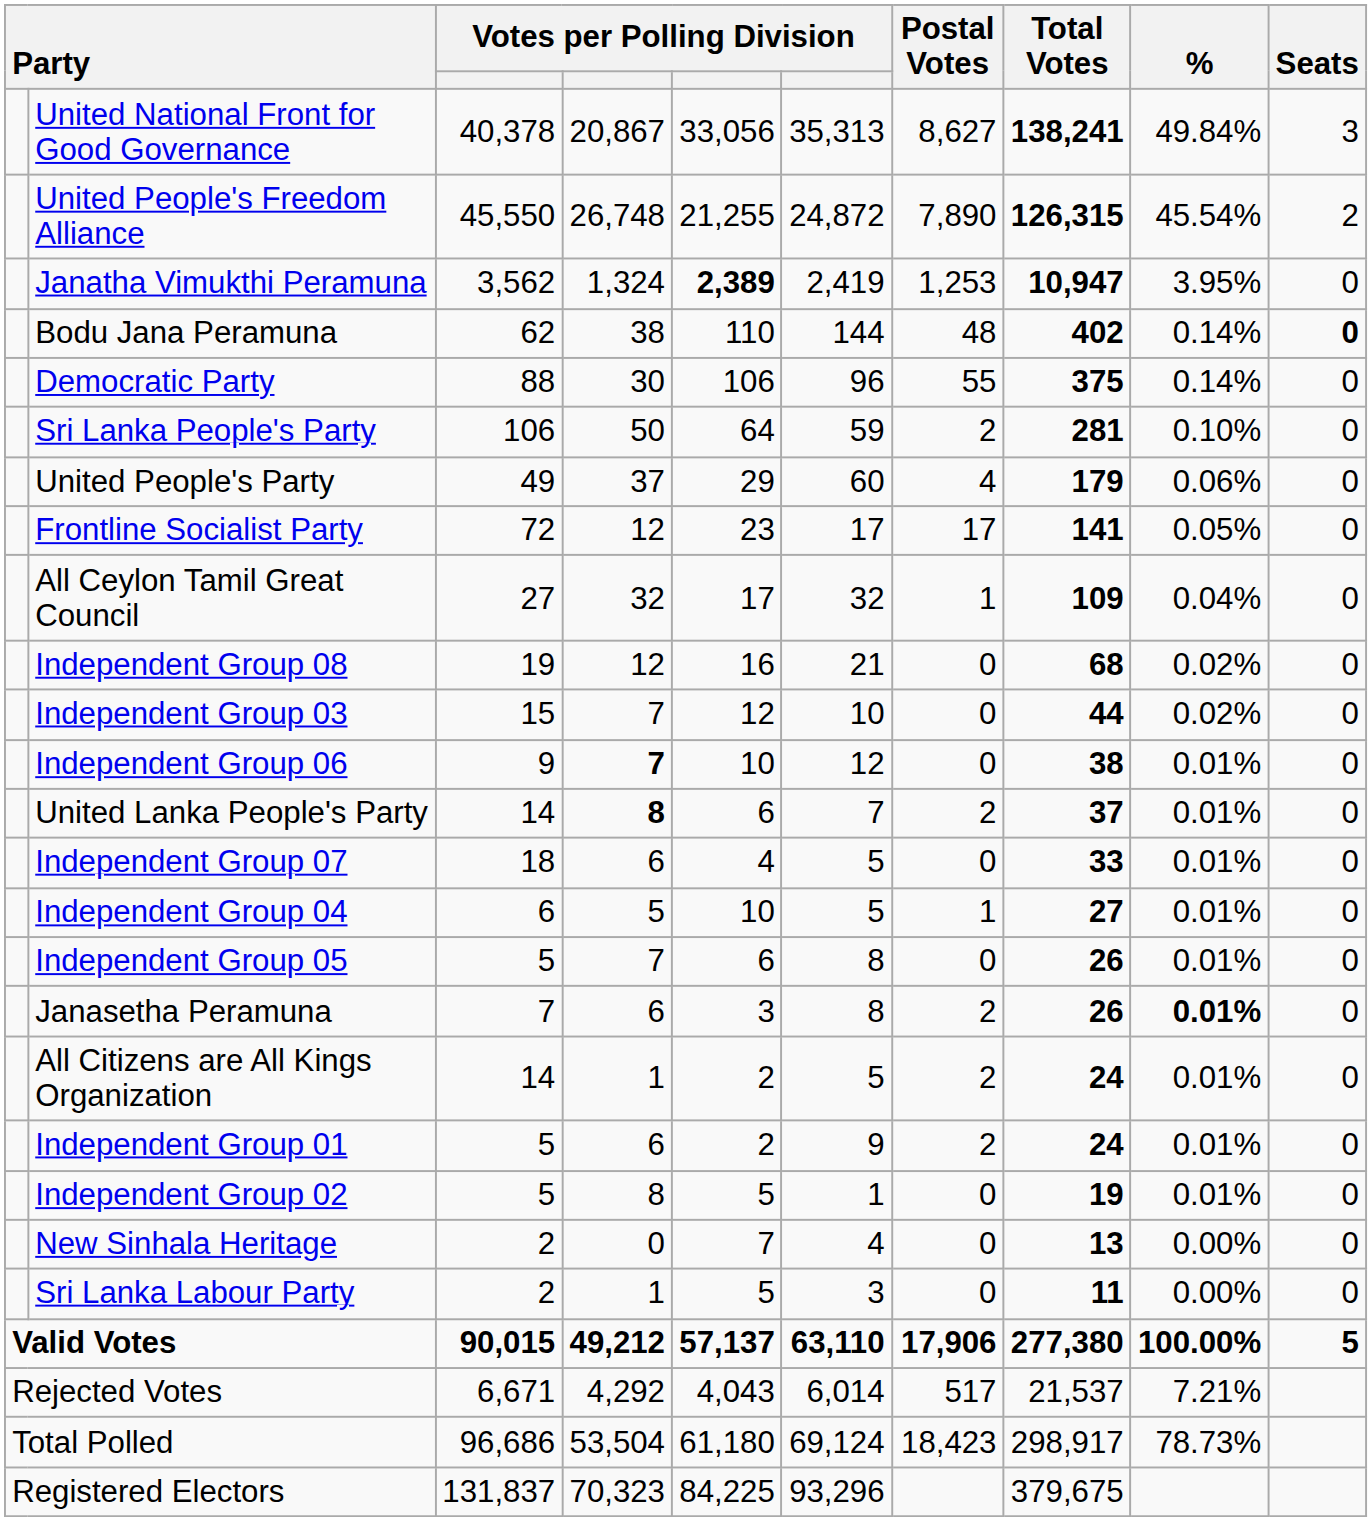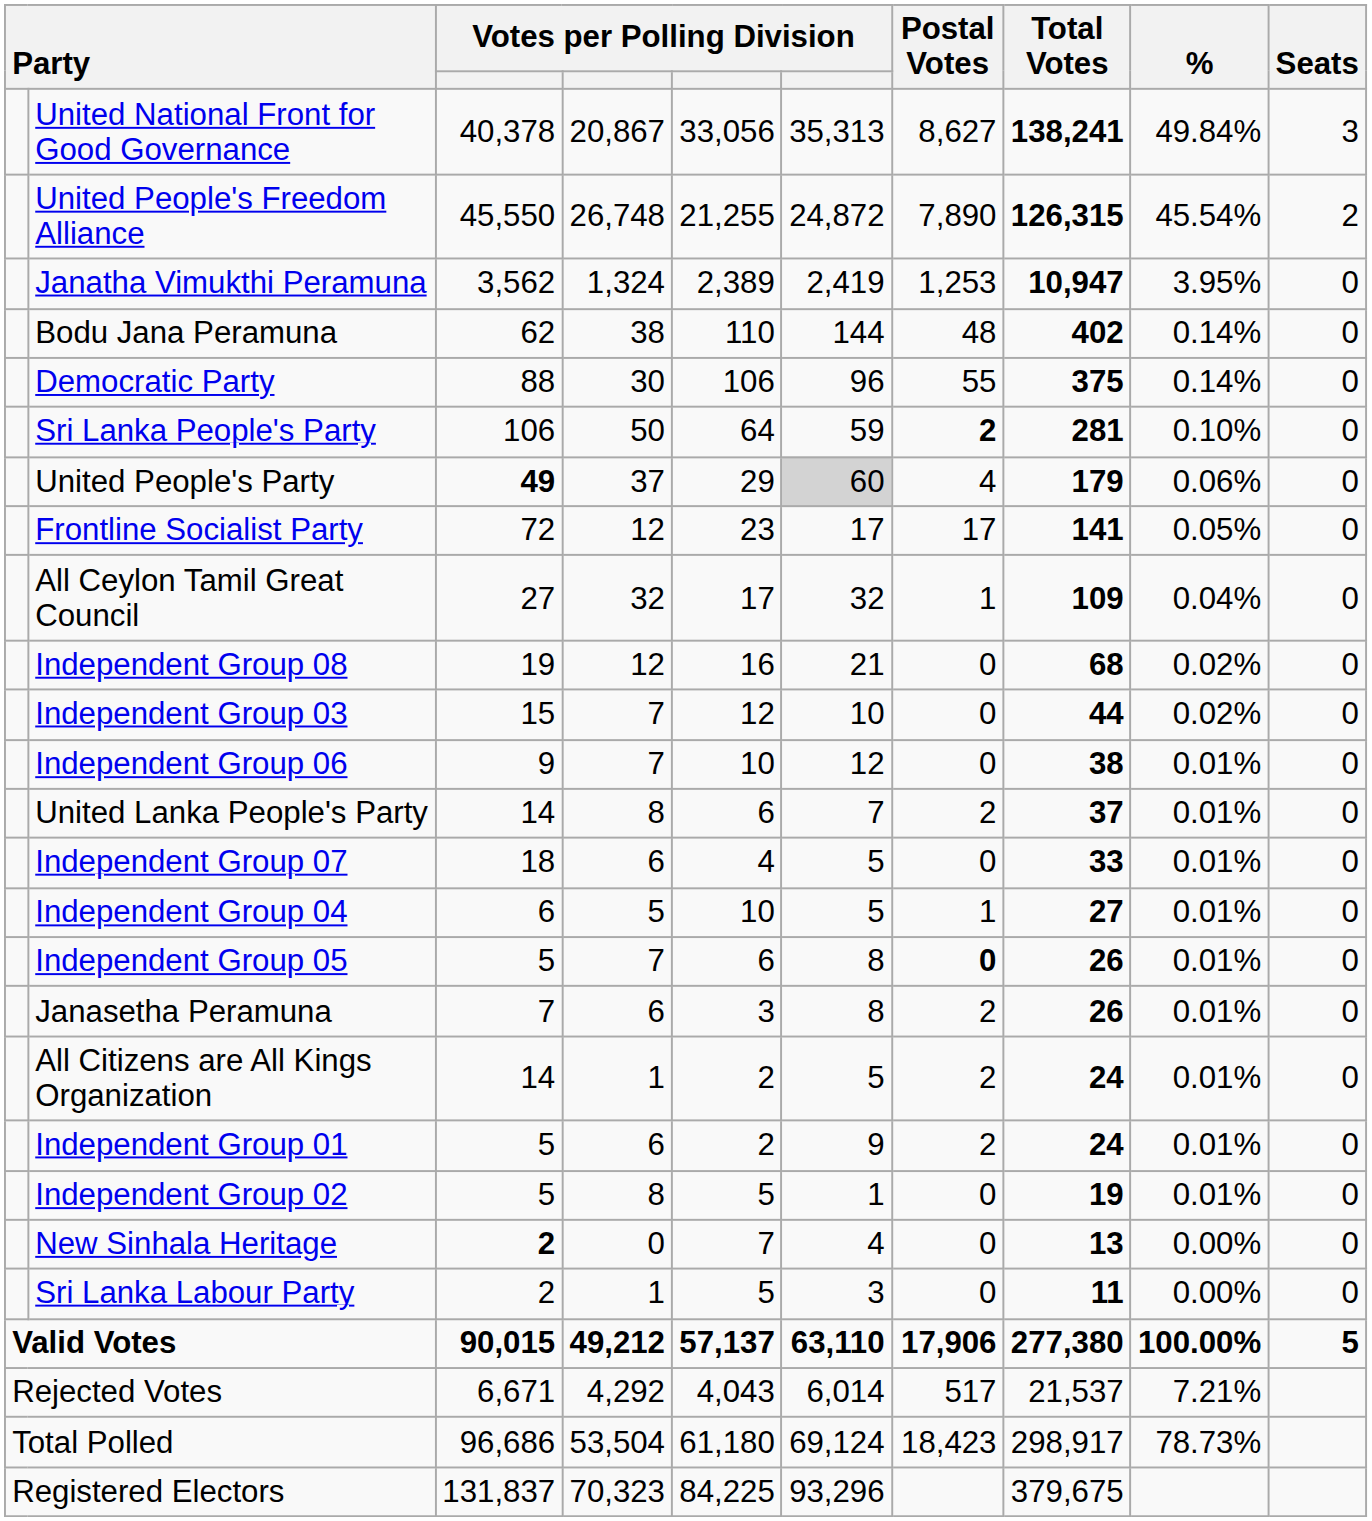 <table class="wikitable" border="1" style="text-align:right;">
 <tr>
 <th style="text-align:left; vertical-align:bottom;" rowspan="2" colspan="2">Party</th>
 <th colspan=4>Votes per Polling Division</th>
 <th rowspan="2" style="vertical-align:bottom; text-align:center; width:50px;">Postal<br>Votes</th>
 <th rowspan="2" style="vertical-align:bottom; text-align:center; width:50px;">Total Votes</th>
 <th rowspan="2" style="vertical-align:bottom; text-align:center; width:50px;">%</th>
 <th rowspan="2" style="vertical-align:bottom; text-align:center; width:40px;">Seats</th>
 </tr>
 <tr>
 <th></th>
 <th></th>
 <th></th>
 <th></th>
 </tr>
 <tr>
 <td bgcolor=> </td>
 <td align=left><a href='#'>United National Front for<br>Good Governance</a></td>
 <td>40,378</td>
 <td>20,867</td>
 <td>33,056</td>
 <td>35,313</td>
 <td>8,627</td>
 <td><strong>138,241</strong></td>
 <td>49.84%</td>
 <td>3</td>
 </tr>
 <tr>
 <td bgcolor=> </td>
 <td align=left><a href='#'>United People's Freedom<br>Alliance</a></td>
 <td>45,550</td>
 <td>26,748</td>
 <td>21,255</td>
 <td>24,872</td>
 <td>7,890</td>
 <td><strong>126,315</strong></td>
 <td>45.54%</td>
 <td>2</td>
 </tr>
 <tr>
 <td bgcolor=> </td>
 <td align=left><a href='#'>Janatha Vimukthi Peramuna</a></td>
 <td>3,562</td>
 <td>1,324</td>
-<td><strong>2,389</strong></td>
+<td>2,389</td>
 <td>2,419</td>
 <td>1,253</td>
 <td><strong>10,947</strong></td>
 <td>3.95%</td>
 <td>0</td>
 </tr>
 <tr>
 <td bgcolor=> </td>
 <td align=left>Bodu Jana Peramuna</td>
 <td>62</td>
 <td>38</td>
 <td>110</td>
 <td>144</td>
 <td>48</td>
 <td><strong>402</strong></td>
 <td>0.14%</td>
-<td><strong>0</strong></td>
+<td>0</td>
 </tr>
 <tr>
 <td bgcolor=> </td>
 <td align=left><a href='#'>Democratic Party</a></td>
 <td>88</td>
 <td>30</td>
 <td>106</td>
 <td>96</td>
 <td>55</td>
 <td><strong>375</strong></td>
 <td>0.14%</td>
 <td>0</td>
 </tr>
 <tr>
 <td bgcolor=> </td>
 <td align=left><a href='#'>Sri Lanka People's Party</a></td>
 <td>106</td>
 <td>50</td>
 <td>64</td>
 <td>59</td>
-<td>2</td>
+<td><strong>2</strong></td>
 <td><strong>281</strong></td>
 <td>0.10%</td>
 <td>0</td>
 </tr>
 <tr>
 <td bgcolor=> </td>
 <td align=left>United People's Party</td>
-<td>49</td>
+<td><strong>49</strong></td>
 <td>37</td>
 <td>29</td>
-<td>60</td>
+<td style="background: lightgrey;">60</td>
 <td>4</td>
 <td><strong>179</strong></td>
 <td>0.06%</td>
 <td>0</td>
 </tr>
 <tr>
 <td bgcolor=> </td>
 <td align=left><a href='#'>Frontline Socialist Party</a></td>
 <td>72</td>
 <td>12</td>
 <td>23</td>
 <td>17</td>
 <td>17</td>
 <td><strong>141</strong></td>
 <td>0.05%</td>
 <td>0</td>
 </tr>
 <tr>
 <td bgcolor=> </td>
 <td align=left>All Ceylon Tamil Great<br>Council</td>
 <td>27</td>
 <td>32</td>
 <td>17</td>
 <td>32</td>
 <td>1</td>
 <td><strong>109</strong></td>
 <td>0.04%</td>
 <td>0</td>
 </tr>
 <tr>
 <td bgcolor=> </td>
 <td align=left><a href='#'>Independent Group 08</a></td>
 <td>19</td>
 <td>12</td>
 <td>16</td>
 <td>21</td>
 <td>0</td>
 <td><strong>68</strong></td>
 <td>0.02%</td>
 <td>0</td>
 </tr>
 <tr>
 <td bgcolor=> </td>
 <td align=left><a href='#'>Independent Group 03</a></td>
 <td>15</td>
 <td>7</td>
 <td>12</td>
 <td>10</td>
 <td>0</td>
 <td><strong>44</strong></td>
 <td>0.02%</td>
 <td>0</td>
 </tr>
 <tr>
 <td bgcolor=> </td>
 <td align=left><a href='#'>Independent Group 06</a></td>
 <td>9</td>
-<td><strong>7</strong></td>
+<td>7</td>
 <td>10</td>
 <td>12</td>
 <td>0</td>
 <td><strong>38</strong></td>
 <td>0.01%</td>
 <td>0</td>
 </tr>
 <tr>
 <td bgcolor=> </td>
 <td align=left>United Lanka People's Party</td>
 <td>14</td>
-<td><strong>8</strong></td>
+<td>8</td>
 <td>6</td>
 <td>7</td>
 <td>2</td>
 <td><strong>37</strong></td>
 <td>0.01%</td>
 <td>0</td>
 </tr>
 <tr>
 <td bgcolor=> </td>
 <td align=left><a href='#'>Independent Group 07</a></td>
 <td>18</td>
 <td>6</td>
 <td>4</td>
 <td>5</td>
 <td>0</td>
 <td><strong>33</strong></td>
 <td>0.01%</td>
 <td>0</td>
 </tr>
 <tr>
 <td bgcolor=> </td>
 <td align=left><a href='#'>Independent Group 04</a></td>
 <td>6</td>
 <td>5</td>
 <td>10</td>
 <td>5</td>
 <td>1</td>
 <td><strong>27</strong></td>
 <td>0.01%</td>
 <td>0</td>
 </tr>
 <tr>
 <td bgcolor=> </td>
 <td align=left><a href='#'>Independent Group 05</a></td>
 <td>5</td>
 <td>7</td>
 <td>6</td>
 <td>8</td>
-<td>0</td>
+<td><strong>0</strong></td>
 <td><strong>26</strong></td>
 <td>0.01%</td>
 <td>0</td>
 </tr>
 <tr>
 <td bgcolor=> </td>
 <td align=left>Janasetha Peramuna</td>
 <td>7</td>
 <td>6</td>
 <td>3</td>
 <td>8</td>
 <td>2</td>
 <td><strong>26</strong></td>
-<td><strong>0.01%</strong></td>
+<td>0.01%</td>
 <td>0</td>
 </tr>
 <tr>
 <td bgcolor=> </td>
 <td align=left>All Citizens are All Kings<br>Organization</td>
 <td>14</td>
 <td>1</td>
 <td>2</td>
 <td>5</td>
 <td>2</td>
 <td><strong>24</strong></td>
 <td>0.01%</td>
 <td>0</td>
 </tr>
 <tr>
 <td bgcolor=> </td>
 <td align=left><a href='#'>Independent Group 01</a></td>
 <td>5</td>
 <td>6</td>
 <td>2</td>
 <td>9</td>
 <td>2</td>
 <td><strong>24</strong></td>
 <td>0.01%</td>
 <td>0</td>
 </tr>
 <tr>
 <td bgcolor=> </td>
 <td align=left><a href='#'>Independent Group 02</a></td>
 <td>5</td>
 <td>8</td>
 <td>5</td>
 <td>1</td>
 <td>0</td>
 <td><strong>19</strong></td>
 <td>0.01%</td>
 <td>0</td>
 </tr>
 <tr>
 <td bgcolor=> </td>
 <td align=left><a href='#'>New Sinhala Heritage</a></td>
-<td>2</td>
+<td><strong>2</strong></td>
 <td>0</td>
 <td>7</td>
 <td>4</td>
 <td>0</td>
 <td><strong>13</strong></td>
 <td>0.00%</td>
 <td>0</td>
 </tr>
 <tr>
 <td bgcolor=> </td>
 <td align=left><a href='#'>Sri Lanka Labour Party</a></td>
 <td>2</td>
 <td>1</td>
 <td>5</td>
 <td>3</td>
 <td>0</td>
 <td><strong>11</strong></td>
 <td>0.00%</td>
 <td>0</td>
 </tr>
 <tr>
 <td align=left colspan=2><strong>Valid Votes</strong></td>
 <td><strong>90,015</strong></td>
 <td><strong>49,212</strong></td>
 <td><strong>57,137</strong></td>
 <td><strong>63,110</strong></td>
 <td><strong>17,906</strong></td>
 <td><strong>277,380</strong></td>
 <td><strong>100.00%</strong></td>
 <td><strong>5</strong></td>
 </tr>
 <tr>
 <td align=left colspan=2>Rejected Votes</td>
 <td>6,671</td>
 <td>4,292</td>
 <td>4,043</td>
 <td>6,014</td>
 <td>517</td>
 <td>21,537</td>
 <td>7.21%</td>
 <td></td>
 </tr>
 <tr>
 <td align=left colspan=2>Total Polled</td>
 <td>96,686</td>
 <td>53,504</td>
 <td>61,180</td>
 <td>69,124</td>
 <td>18,423</td>
 <td>298,917</td>
 <td>78.73%</td>
 <td></td>
 </tr>
 <tr>
 <td align=left colspan=2>Registered Electors</td>
 <td>131,837</td>
 <td>70,323</td>
 <td>84,225</td>
 <td>93,296</td>
 <td></td>
 <td>379,675</td>
 <td></td>
 <td></td>
 </tr>
 </table>
